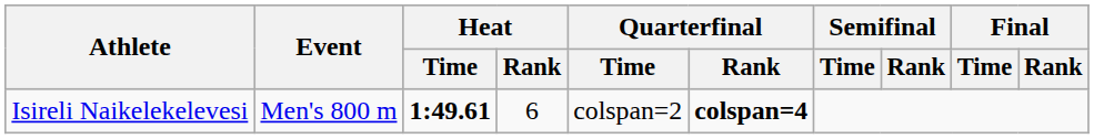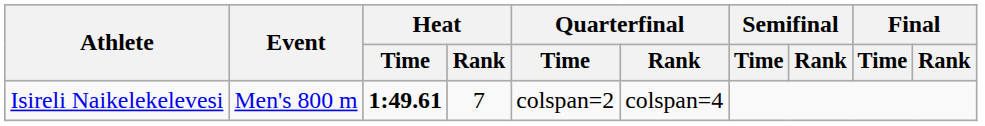 <table class=wikitable style=font-size:90%;text-align:center>
 <tr>
 <th rowspan=2>Athlete</th>
 <th rowspan=2>Event</th>
 <th colspan=2>Heat</th>
 <th colspan=2>Quarterfinal</th>
 <th colspan=2>Semifinal</th>
 <th colspan=2>Final</th>
 </tr>
 <tr style=font-size:95%>
 <th>Time</th>
 <th>Rank</th>
 <th>Time</th>
 <th>Rank</th>
 <th>Time</th>
 <th>Rank</th>
 <th>Time</th>
 <th>Rank</th>
 </tr>
 <tr>
 <td align=left><a href='#'>Isireli Naikelekelevesi</a></td>
 <td align=left><a href='#'>Men's 800 m</a></td>
 <td><strong>1:49.61</strong></td>
-<td>6</td>
+<td>7</td>
 <td>colspan=2 </td>
-<td><strong>colspan=4 </strong></td>
+<td>colspan=4 </td>
 </tr>
 </table>
